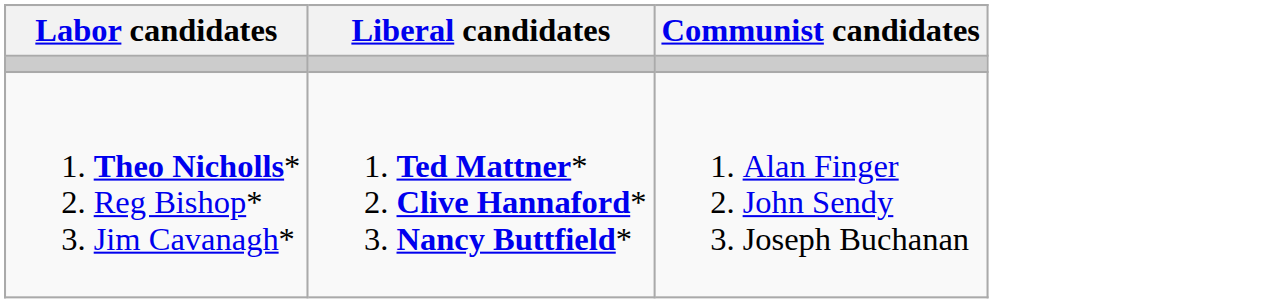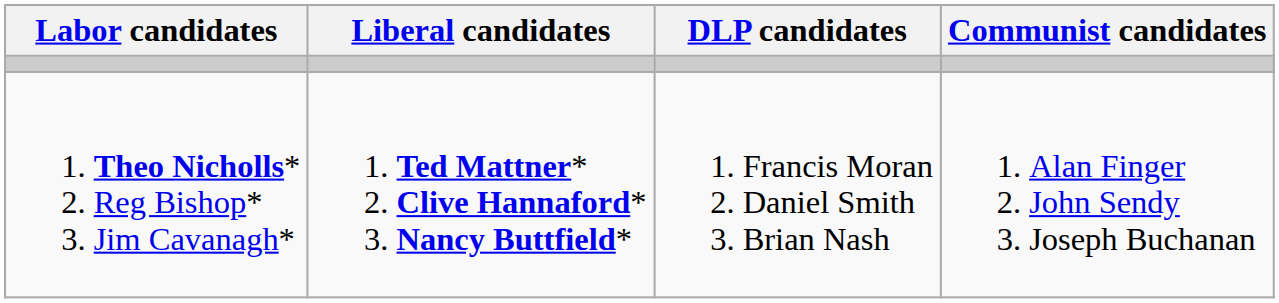 <table class="wikitable">
 <tr>
 <th><a href='#'>Labor</a> candidates</th>
 <th><a href='#'>Liberal</a> candidates</th>
+<th><a href='#'>DLP</a> candidates</th>
 <th><a href='#'>Communist</a> candidates</th>
 </tr>
 <tr bgcolor="#cccccc">
+<td></td>
 <td></td>
 <td></td>
 <td></td>
 </tr>
 <tr>
 <td><br><ol><li><strong><a href='#'>Theo Nicholls</a></strong>*</li><li><a href='#'>Reg Bishop</a>*</li><li><a href='#'>Jim Cavanagh</a>*</li></ol></td>
 <td><br><ol><li><strong><a href='#'>Ted Mattner</a></strong>*</li><li><strong><a href='#'>Clive Hannaford</a></strong>*</li><li><strong><a href='#'>Nancy Buttfield</a></strong>*</li></ol></td>
+<td valign=top><br><ol><li>Francis Moran</li><li>Daniel Smith</li><li>Brian Nash</li></ol></td>
 <td valign=top><br><ol><li><a href='#'>Alan Finger</a></li><li><a href='#'>John Sendy</a></li><li>Joseph Buchanan</li></ol></td>
 </tr>
 </table>
